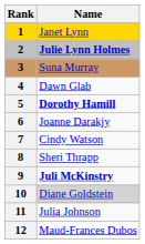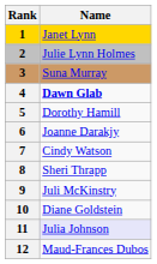 <table class="wikitable">
 <tr>
 <th>Rank</th>
 <th>Name</th>
 </tr>
 <tr bgcolor="gold">
 <td align="center"><strong>1</strong></td>
 <td><a href='#'>Janet Lynn</a></td>
 </tr>
 <tr bgcolor="silver">
 <td align="center"><strong>2</strong></td>
-<td><strong><a href='#'>Julie Lynn Holmes</a></strong></td>
+<td><a href='#'>Julie Lynn Holmes</a></td>
 </tr>
 <tr bgcolor="cc9966">
 <td align="center"><strong>3</strong></td>
 <td><a href='#'>Suna Murray</a></td>
 </tr>
 <tr>
 <th>4</th>
-<td><a href='#'>Dawn Glab</a></td>
+<td><strong><a href='#'>Dawn Glab</a></strong></td>
 </tr>
 <tr>
 <th>5</th>
-<td><strong><a href='#'>Dorothy Hamill</a></strong></td>
+<td><a href='#'>Dorothy Hamill</a></td>
 </tr>
 <tr>
 <th>6</th>
 <td><a href='#'>Joanne Darakjy</a></td>
 </tr>
 <tr>
 <th>7</th>
 <td><a href='#'>Cindy Watson</a></td>
 </tr>
 <tr>
 <th>8</th>
 <td><a href='#'>Sheri Thrapp</a></td>
 </tr>
 <tr>
 <th>9</th>
-<td><strong><a href='#'>Juli McKinstry</a></strong></td>
+<td><a href='#'>Juli McKinstry</a></td>
 </tr>
 <tr>
 <th>10</th>
-<td style="background: lightgrey;"><a href='#'>Diane Goldstein</a></td>
+<td><a href='#'>Diane Goldstein</a></td>
 </tr>
 <tr>
 <th>11</th>
-<td><a href='#'>Julia Johnson</a></td>
+<td style="background: lavender;"><a href='#'>Julia Johnson</a></td>
 </tr>
 <tr>
 <th>12</th>
 <td><a href='#'>Maud-Frances Dubos</a></td>
 </tr>
 </table>
